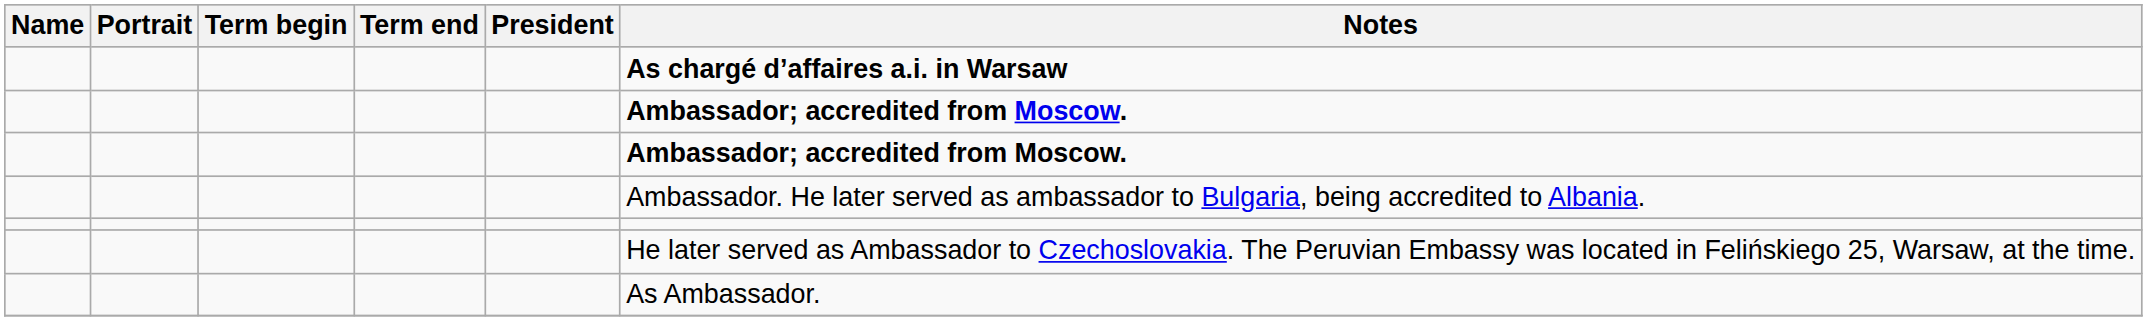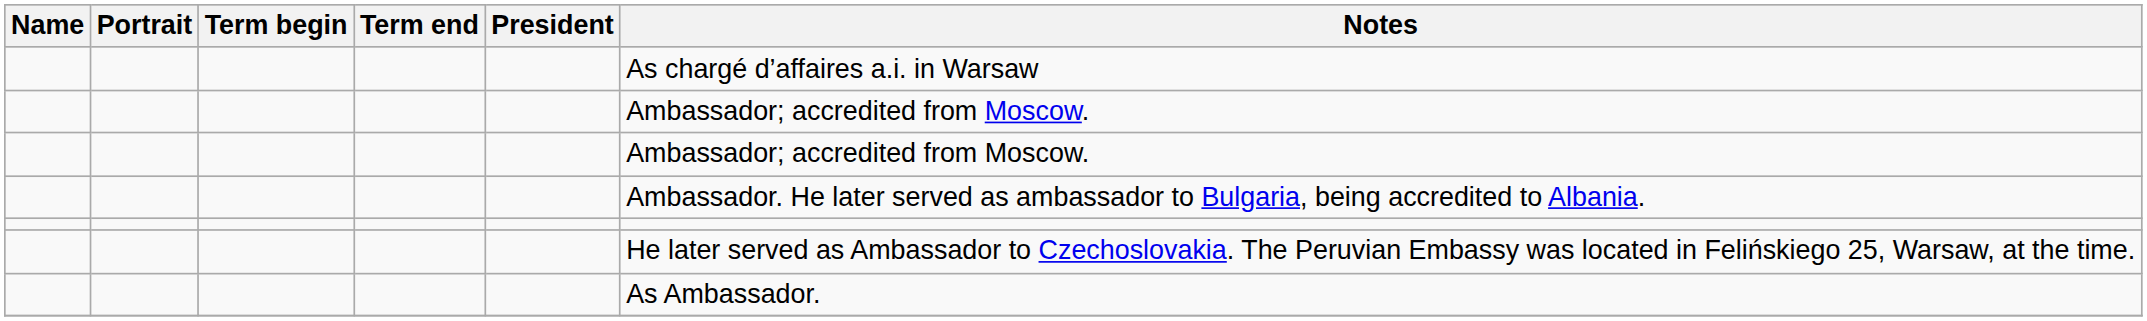 <table class="wikitable sortable"  text-align:center;">
 <tr>
 <th>Name</th>
 <th class="unsortable">Portrait</th>
 <th>Term begin</th>
 <th>Term end</th>
 <th>President</th>
 <th class="unsortable">Notes</th>
 </tr>
 <tr>
 <td></td>
 <td></td>
 <td></td>
 <td></td>
 <td></td>
-<td><strong>As chargé d’affaires a.i. in Warsaw</strong></td>
+<td>As chargé d’affaires a.i. in Warsaw</td>
 </tr>
 <tr>
 <td></td>
 <td></td>
 <td></td>
 <td></td>
 <td></td>
-<td><strong>Ambassador; accredited from <a href='#'>Moscow</a>.</strong></td>
+<td>Ambassador; accredited from <a href='#'>Moscow</a>.</td>
 </tr>
 <tr>
 <td></td>
 <td></td>
 <td></td>
 <td></td>
 <td></td>
-<td><strong>Ambassador; accredited from Moscow.</strong></td>
+<td>Ambassador; accredited from Moscow.</td>
 </tr>
 <tr>
 <td></td>
 <td></td>
 <td></td>
 <td></td>
 <td></td>
 <td>Ambassador. He later served as ambassador to <a href='#'>Bulgaria</a>, being accredited to <a href='#'>Albania</a>.</td>
 </tr>
 <tr>
 <td></td>
 <td></td>
 <td></td>
 <td></td>
 <td></td>
 <td></td>
 </tr>
 <tr>
 <td></td>
 <td></td>
 <td></td>
 <td></td>
 <td></td>
 <td>He later served as Ambassador to <a href='#'>Czechoslovakia</a>. The Peruvian Embassy was located in Felińskiego 25, Warsaw, at the time.</td>
 </tr>
 <tr>
 <td></td>
 <td></td>
 <td></td>
 <td></td>
 <td></td>
 <td>As Ambassador.</td>
 </tr>
 <tr>
 </tr>
 </table>
